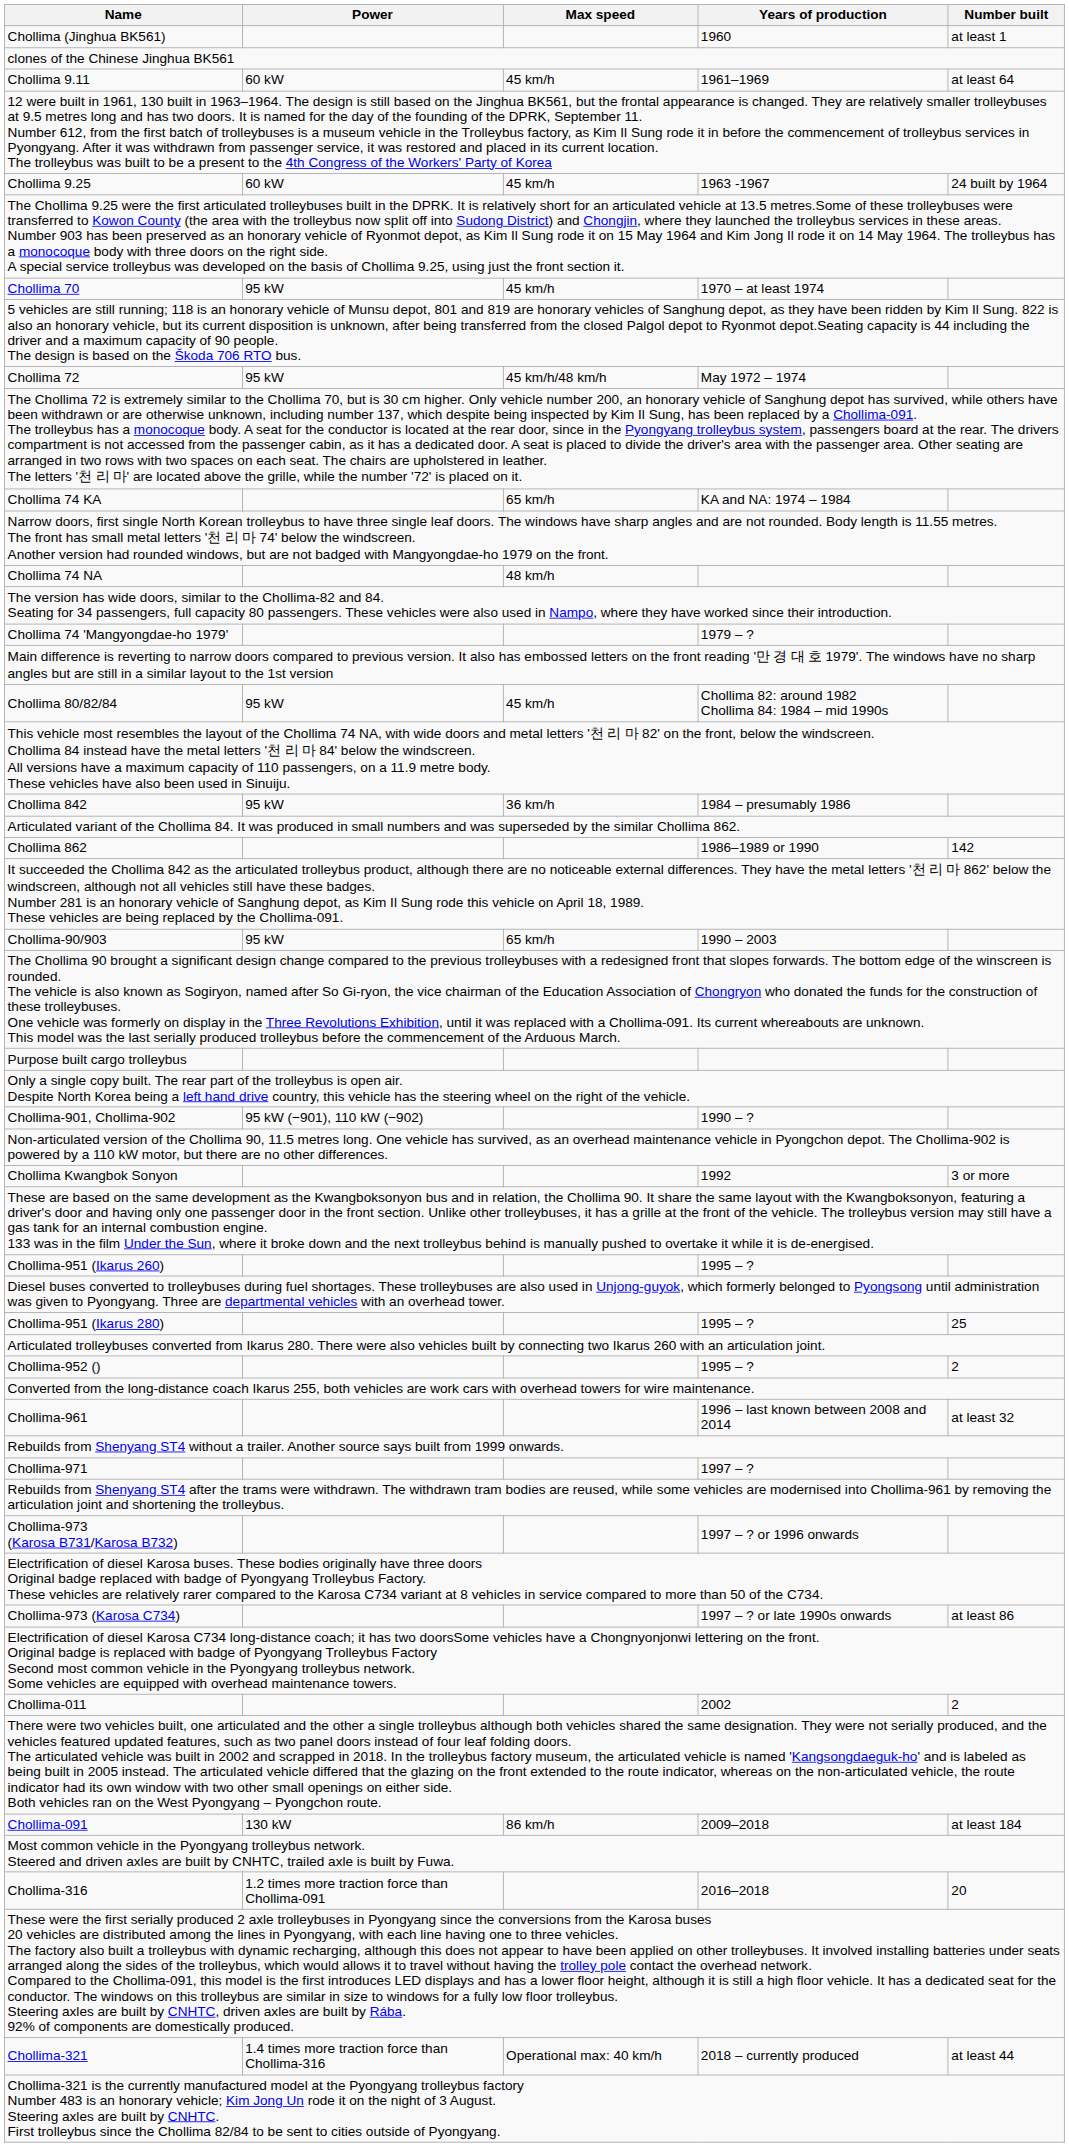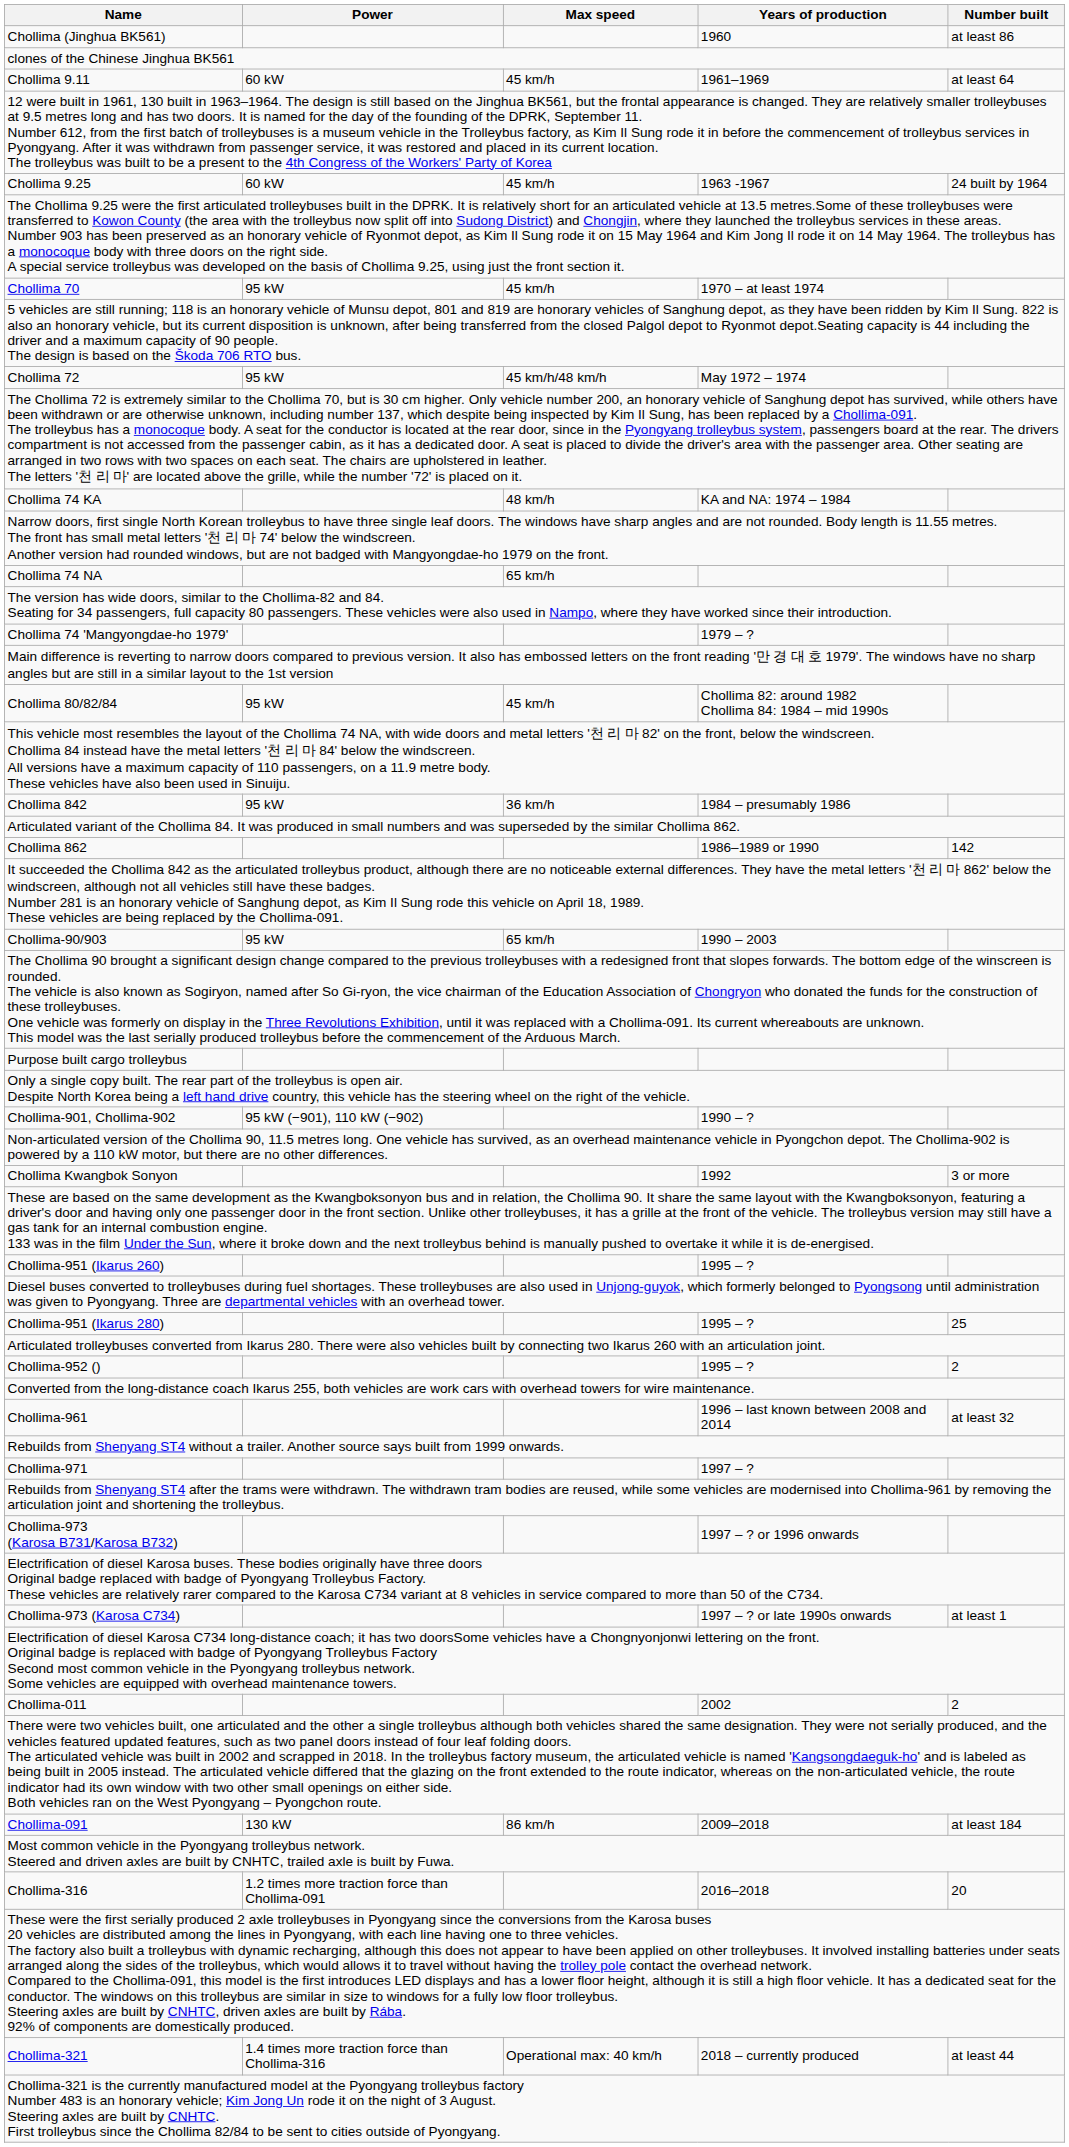 <table class="wikitable">
 <tr>
 <th>Name</th>
 <th>Power</th>
 <th>Max speed</th>
 <th>Years of production</th>
 <th>Number built</th>
 </tr>
 <tr>
 <td>Chollima (Jinghua BK561)</td>
 <td></td>
 <td></td>
 <td>1960</td>
-<td>at least 1</td>
+<td>at least 86</td>
 </tr>
 <tr>
 <td colspan="5">clones of the Chinese Jinghua BK561</td>
 </tr>
 <tr>
 <td>Chollima 9.11</td>
 <td>60 kW</td>
 <td>45 km/h</td>
 <td>1961–1969</td>
 <td>at least 64</td>
 </tr>
 <tr>
 <td colspan="5">12 were built in 1961, 130 built in 1963–1964. The design is still based on the Jinghua BK561, but the frontal appearance is changed. They are relatively smaller trolleybuses at 9.5 metres long and has two doors. It is named for the day of the founding of the DPRK, September 11.<br>Number 612, from the first batch of trolleybuses is a museum vehicle in the Trolleybus factory, as Kim Il Sung rode it in before the commencement of trolleybus services in Pyongyang. After it was withdrawn from passenger service, it was restored and placed in its current location.<br>The trolleybus was built to be a present to the <a href='#'>4th Congress of the Workers' Party of Korea</a></td>
 </tr>
 <tr>
 <td>Chollima 9.25</td>
 <td>60 kW</td>
 <td>45 km/h</td>
 <td>1963 -1967</td>
 <td>24 built by 1964</td>
 </tr>
 <tr>
 <td colspan="5">The Chollima 9.25 were the first articulated trolleybuses built in the DPRK. It is relatively short for an articulated vehicle at 13.5 metres.Some of these trolleybuses were transferred to <a href='#'>Kowon County</a> (the area with the trolleybus now split off into <a href='#'>Sudong District</a>) and <a href='#'>Chongjin</a>, where they launched the trolleybus services in these areas.<br>Number 903 has been preserved as an honorary vehicle of Ryonmot depot, as Kim Il Sung rode it on 15 May 1964 and Kim Jong Il rode it on 14 May 1964. The trolleybus has a <a href='#'>monocoque</a> body with three doors on the right side.<br>A special service trolleybus was developed on the basis of Chollima 9.25, using just the front section it.</td>
 </tr>
 <tr>
 <td><a href='#'>Chollima 70</a></td>
 <td>95 kW</td>
 <td>45 km/h</td>
 <td>1970 – at least 1974</td>
 <td></td>
 </tr>
 <tr>
 <td colspan="5">5 vehicles are still running; 118 is an honorary vehicle of Munsu depot, 801 and 819 are honorary vehicles of Sanghung depot, as they have been ridden by Kim Il Sung. 822 is also an honorary vehicle, but its current disposition is unknown, after being transferred from the closed Palgol depot to Ryonmot depot.Seating capacity is 44 including the driver and a maximum capacity of 90 people.<br>The design is based on the <a href='#'>Škoda 706 RTO</a> bus.</td>
 </tr>
 <tr>
 <td>Chollima 72</td>
 <td>95 kW</td>
 <td>45 km/h/48 km/h</td>
 <td>May 1972 – 1974</td>
 <td></td>
 </tr>
 <tr>
 <td colspan="5">The Chollima 72 is extremely similar to the Chollima 70, but is 30 cm higher. Only vehicle number 200, an honorary vehicle of Sanghung depot has survived, while others have been withdrawn or are otherwise unknown, including number 137, which despite being inspected by Kim Il Sung, has been replaced by a <a href='#'>Chollima-091</a>.<br>The trolleybus has a <a href='#'>monocoque</a> body. A seat for the conductor is located at the rear door, since in the <a href='#'>Pyongyang trolleybus system</a>, passengers board at the rear. The drivers compartment is not accessed from the passenger cabin, as it has a dedicated door. A seat is placed to divide the driver's area with the passenger area. Other seating are arranged in two rows with two spaces on each seat. The chairs are upholstered in leather.<br>The letters '천 리 마' are located above the grille, while the number '72' is placed on it.</td>
 </tr>
 <tr>
 <td>Chollima 74 KA</td>
 <td></td>
-<td>65 km/h</td>
+<td>48 km/h</td>
 <td>KA and NA: 1974 – 1984</td>
 <td></td>
 </tr>
 <tr>
 <td colspan="5">Narrow doors, first single North Korean trolleybus to have three single leaf doors. The windows have sharp angles and are not rounded. Body length is 11.55 metres.<br>The front has small metal letters '천 리 마 74' below the windscreen.<br>Another version had rounded windows, but are not badged with Mangyongdae-ho 1979 on the front.</td>
 </tr>
 <tr>
 <td>Chollima 74 NA</td>
 <td></td>
-<td>48 km/h</td>
+<td>65 km/h</td>
 <td></td>
 <td></td>
 </tr>
 <tr>
 <td colspan="5">The version has wide doors, similar to the Chollima-82 and 84.<br>Seating for 34 passengers, full capacity 80 passengers. These vehicles were also used in <a href='#'>Nampo</a>, where they have worked since their introduction.</td>
 </tr>
 <tr>
 <td>Chollima 74 'Mangyongdae-ho 1979'</td>
 <td></td>
 <td></td>
 <td>1979 – ?</td>
 <td></td>
 </tr>
 <tr>
 <td colspan="5">Main difference is reverting to narrow doors compared to previous version. It also has embossed letters on the front reading '만 경 대 호 1979'. The windows have no sharp angles but are still in a similar layout to the 1st version</td>
 </tr>
 <tr>
 <td>Chollima 80/82/84</td>
 <td>95 kW</td>
 <td>45 km/h</td>
 <td>Chollima 82: around 1982<br>Chollima 84: 1984 – mid 1990s</td>
 <td></td>
 </tr>
 <tr>
 <td colspan="5">This vehicle most resembles the layout of the Chollima 74 NA, with wide doors and metal letters '천 리 마 82' on the front, below the windscreen.<br>Chollima 84 instead have the metal letters '천 리 마 84' below the windscreen.<br>All versions have a maximum capacity of 110 passengers, on a 11.9 metre body.<br>These vehicles have also been used in Sinuiju.</td>
 </tr>
 <tr>
 <td>Chollima 842</td>
 <td>95 kW</td>
 <td>36 km/h</td>
 <td>1984 – presumably 1986</td>
 <td></td>
 </tr>
 <tr>
 <td colspan="5">Articulated variant of the Chollima 84. It was produced in small numbers and was superseded by the similar Chollima 862.</td>
 </tr>
 <tr>
 <td>Chollima 862</td>
 <td></td>
 <td></td>
 <td>1986–1989 or 1990</td>
 <td>142</td>
 </tr>
 <tr>
 <td colspan="5">It succeeded the Chollima 842 as the articulated trolleybus product, although there are no noticeable external differences. They have the metal letters '천 리 마 862' below the windscreen, although not all vehicles still have these badges.<br>Number 281 is an honorary vehicle of Sanghung depot, as Kim Il Sung rode this vehicle on April 18, 1989.<br>These vehicles are being replaced by the Chollima-091.</td>
 </tr>
 <tr>
 <td>Chollima-90/903</td>
 <td>95 kW</td>
 <td>65 km/h</td>
 <td>1990 – 2003</td>
 <td></td>
 </tr>
 <tr>
 <td colspan="5">The Chollima 90 brought a significant design change compared to the previous trolleybuses with a redesigned front that slopes forwards. The bottom edge of the winscreen is rounded.<br>The vehicle is also known as Sogiryon, named after So Gi-ryon, the vice chairman of the Education Association of <a href='#'>Chongryon</a> who donated the funds for the construction of these trolleybuses.<br>One vehicle was formerly on display in the <a href='#'>Three Revolutions Exhibition</a>, until it was replaced with a Chollima-091. Its current whereabouts are unknown.<br>This model was the last serially produced trolleybus before the commencement of the Arduous March.</td>
 </tr>
 <tr>
 <td>Purpose built cargo trolleybus</td>
 <td></td>
 <td></td>
 <td></td>
 <td></td>
 </tr>
 <tr>
 <td colspan="5">Only a single copy built. The rear part of the trolleybus is open air.<br>Despite North Korea being a <a href='#'>left hand drive</a> country, this vehicle has the steering wheel on the right of the vehicle.</td>
 </tr>
 <tr>
 <td>Chollima-901, Chollima-902</td>
 <td>95 kW (−901), 110 kW (−902)</td>
 <td></td>
 <td>1990 – ?</td>
 <td></td>
 </tr>
 <tr>
 <td colspan="5">Non-articulated version of the Chollima 90, 11.5 metres long. One vehicle has survived, as an overhead maintenance vehicle in Pyongchon depot. The Chollima-902 is powered by a 110 kW motor, but there are no other differences.</td>
 </tr>
 <tr>
 <td>Chollima Kwangbok Sonyon</td>
 <td></td>
 <td></td>
 <td>1992</td>
 <td>3 or more</td>
 </tr>
 <tr>
 <td colspan="5">These are based on the same development as the Kwangboksonyon bus and in relation, the Chollima 90. It share the same layout with the Kwangboksonyon, featuring a driver's door and having only one passenger door in the front section. Unlike other trolleybuses, it has a grille at the front of the vehicle. The trolleybus version may still have a gas tank for an internal combustion engine.<br>133 was in the film <a href='#'>Under the Sun</a>, where it broke down and the next trolleybus behind is manually pushed to overtake it while it is de-energised.</td>
 </tr>
 <tr>
 <td>Chollima-951 (<a href='#'>Ikarus 260</a>)</td>
 <td></td>
 <td></td>
 <td>1995 – ?</td>
 <td></td>
 </tr>
 <tr>
 <td colspan="5">Diesel buses converted to trolleybuses during fuel shortages. These trolleybuses are also used in <a href='#'>Unjong-guyok</a>, which formerly belonged to <a href='#'>Pyongsong</a> until administration was given to Pyongyang. Three are <a href='#'>departmental vehicles</a> with an overhead tower.</td>
 </tr>
 <tr>
 <td>Chollima-951 (<a href='#'>Ikarus 280</a>)</td>
 <td></td>
 <td></td>
 <td>1995 – ?</td>
 <td>25</td>
 </tr>
 <tr>
 <td colspan="5">Articulated trolleybuses converted from Ikarus 280. There were also vehicles built by connecting two Ikarus 260 with an articulation joint.</td>
 </tr>
 <tr>
 <td>Chollima-952 ()</td>
 <td></td>
 <td></td>
 <td>1995 – ?</td>
 <td>2</td>
 </tr>
 <tr>
 <td colspan="5">Converted from the long-distance coach Ikarus 255, both vehicles are work cars with overhead towers for wire maintenance.</td>
 </tr>
 <tr>
 <td>Chollima-961</td>
 <td></td>
 <td></td>
 <td>1996 – last known between 2008 and 2014</td>
 <td>at least 32</td>
 </tr>
 <tr>
 <td colspan="5">Rebuilds from <a href='#'>Shenyang ST4</a> without a trailer. Another source says built from 1999 onwards.</td>
 </tr>
 <tr>
 <td>Chollima-971</td>
 <td></td>
 <td></td>
 <td>1997 – ?</td>
 <td></td>
 </tr>
 <tr>
 <td colspan="5">Rebuilds from <a href='#'>Shenyang ST4</a> after the trams were withdrawn. The withdrawn tram bodies are reused, while some vehicles are modernised into Chollima-961 by removing the articulation joint and shortening the trolleybus.</td>
 </tr>
 <tr>
 <td>Chollima-973<br>(<a href='#'>Karosa B731</a>/<a href='#'>Karosa B732</a>)</td>
 <td></td>
 <td></td>
 <td>1997 – ? or 1996 onwards</td>
 <td></td>
 </tr>
 <tr>
 <td colspan="5">Electrification of diesel Karosa buses. These bodies originally have three doors<br> Original badge replaced with badge of Pyongyang Trolleybus Factory.<br>These vehicles are relatively rarer compared to the Karosa C734 variant at 8 vehicles in service compared to more than 50 of the C734.</td>
 </tr>
 <tr>
 <td>Chollima-973 (<a href='#'>Karosa C734</a>)</td>
 <td></td>
 <td></td>
 <td>1997 – ? or late 1990s onwards</td>
-<td>at least 86</td>
+<td>at least 1</td>
 </tr>
 <tr>
 <td colspan="5">Electrification of diesel Karosa C734 long-distance coach; it has two doorsSome vehicles have a Chongnyonjonwi lettering on the front.<br>Original badge is replaced with badge of Pyongyang Trolleybus Factory<br>Second most common vehicle in the Pyongyang trolleybus network.<br>Some vehicles are equipped with overhead maintenance towers.</td>
 </tr>
 <tr>
 <td>Chollima-011</td>
 <td></td>
 <td></td>
 <td>2002</td>
 <td>2</td>
 </tr>
 <tr>
 <td colspan="5">There were two vehicles built, one articulated and the other a single trolleybus although both vehicles shared the same designation. They were not serially produced, and the vehicles featured updated features, such as two panel doors instead of four leaf folding doors.<br>The articulated vehicle was built in 2002 and scrapped in 2018. In the trolleybus factory museum, the articulated vehicle is named '<a href='#'>Kangsongdaeguk-ho</a>' and is labeled as being built in 2005 instead. The articulated vehicle differed that the glazing on the front extended to the route indicator, whereas on the non-articulated vehicle, the route indicator had its own window with two other small openings on either side.<br>Both vehicles ran on the West Pyongyang – Pyongchon route.</td>
 </tr>
 <tr>
 <td><a href='#'>Chollima-091</a></td>
 <td>130 kW</td>
 <td>86 km/h</td>
 <td>2009–2018</td>
 <td>at least 184</td>
 </tr>
 <tr>
 <td colspan="5">Most common vehicle in the Pyongyang trolleybus network.<br>Steered and driven axles are built by CNHTC, trailed axle is built by Fuwa.</td>
 </tr>
 <tr>
 <td>Chollima-316</td>
 <td>1.2 times more traction force than Chollima-091</td>
 <td></td>
 <td>2016–2018</td>
 <td>20</td>
 </tr>
 <tr>
 <td colspan="5">These were the first serially produced 2 axle trolleybuses in Pyongyang since the conversions from the Karosa buses<br>20 vehicles are distributed among the lines in Pyongyang, with each line having one to three vehicles.<br>The factory also built a trolleybus with dynamic recharging, although this does not appear to have been applied on other trolleybuses. It involved installing batteries under seats arranged along the sides of the trolleybus, which would allows it to travel without having the <a href='#'>trolley pole</a> contact the overhead network.<br>Compared to the Chollima-091, this model is the first introduces LED displays and has a lower floor height, although it is still a high floor vehicle. It has a dedicated seat for the conductor. The windows on this trolleybus are similar in size to windows for a fully low floor trolleybus.<br>Steering axles are built by <a href='#'>CNHTC</a>, driven axles are built by <a href='#'>Rába</a>.<br>92% of components are domestically produced.</td>
 </tr>
 <tr>
 <td><a href='#'>Chollima-321</a></td>
 <td>1.4 times more traction force than Chollima-316</td>
 <td>Operational max: 40 km/h</td>
 <td>2018 – currently produced</td>
 <td>at least 44</td>
 </tr>
 <tr>
 <td colspan="5">Chollima-321 is the currently manufactured model at the Pyongyang trolleybus factory<br>Number 483 is an honorary vehicle; <a href='#'>Kim Jong Un</a> rode it on the night of 3 August.<br>Steering axles are built by <a href='#'>CNHTC</a>.<br>First trolleybus since the Chollima 82/84 to be sent to cities outside of Pyongyang.</td>
 </tr>
 </table>
